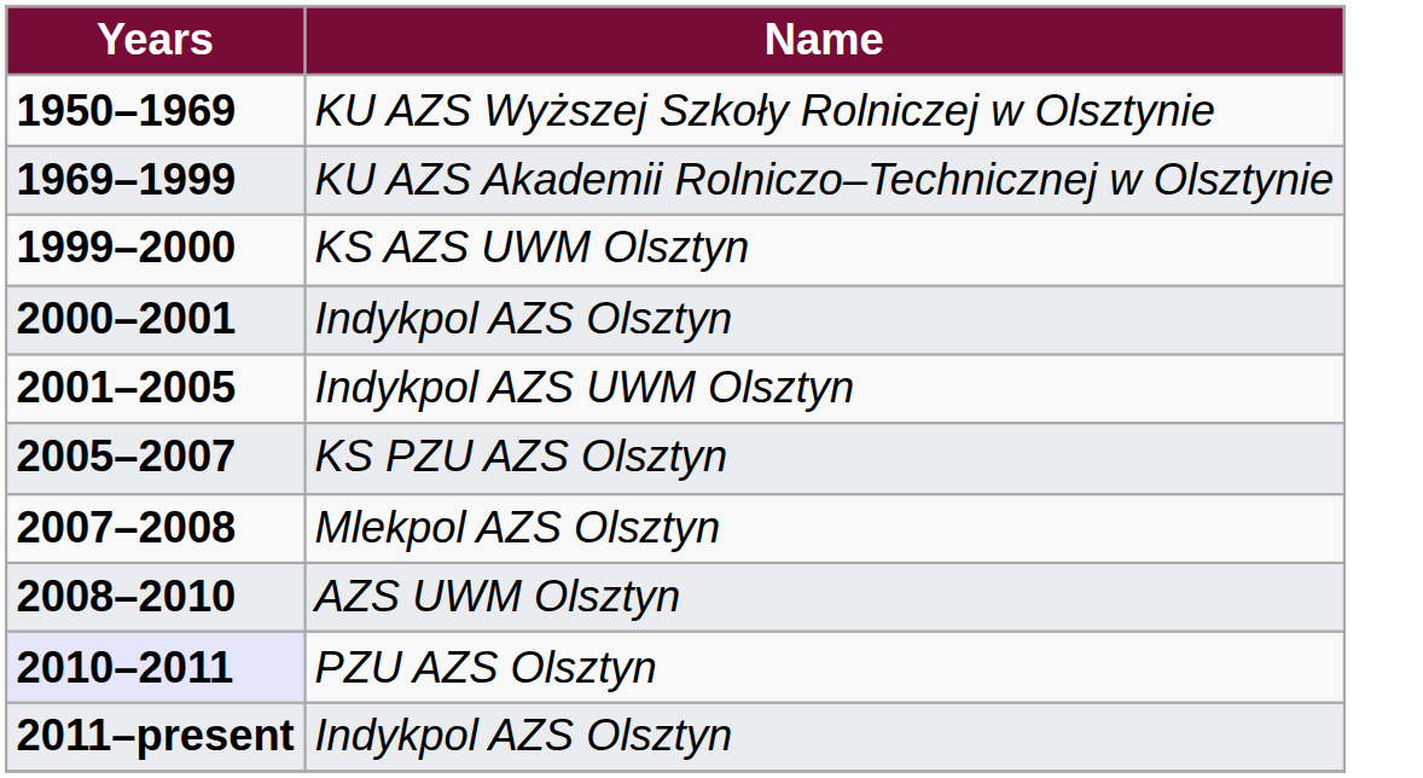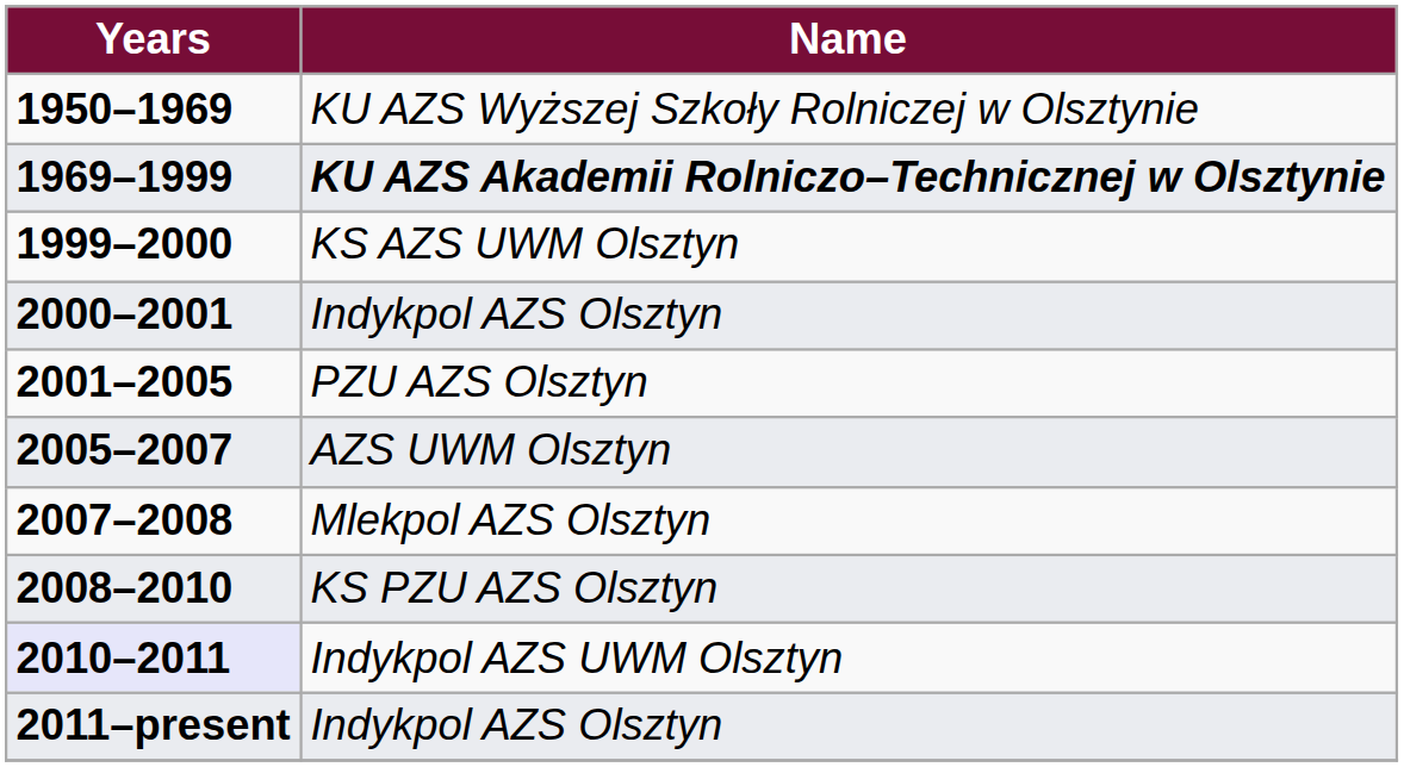 <table class="wikitable" style="font-size:100%">
 <tr>
 <th style="color:#FFFFFF; background-color:#770D37">Years</th>
 <th style="color:#FFFFFF; background-color:#770D37">Name</th>
 </tr>
 <tr>
 <td><strong>1950–1969</strong></td>
 <td><em>KU AZS Wyższej Szkoły Rolniczej w Olsztynie</em></td>
 </tr>
 <tr style="background:#EAECF0">
 <td><strong>1969–1999</strong></td>
-<td><em>KU AZS Akademii Rolniczo–Technicznej w Olsztynie</em></td>
+<td><strong><em>KU AZS Akademii Rolniczo–Technicznej w Olsztynie</em></strong></td>
 </tr>
 <tr>
 <td><strong>1999–2000</strong></td>
 <td><em>KS AZS UWM Olsztyn</em></td>
 </tr>
 <tr style="background:#EAECF0">
 <td><strong>2000–2001</strong></td>
 <td><em>Indykpol AZS Olsztyn</em></td>
 </tr>
 <tr>
 <td><strong>2001–2005</strong></td>
-<td><em>Indykpol AZS UWM Olsztyn</em></td>
+<td><em>PZU AZS Olsztyn</em></td>
 </tr>
 <tr style="background:#EAECF0">
 <td><strong>2005–2007</strong></td>
-<td><em>KS PZU AZS Olsztyn</em></td>
+<td><em>AZS UWM Olsztyn</em></td>
 </tr>
 <tr>
 <td><strong>2007–2008</strong></td>
 <td><em>Mlekpol AZS Olsztyn</em></td>
 </tr>
 <tr style="background:#EAECF0">
 <td><strong>2008–2010</strong></td>
-<td><em>AZS UWM Olsztyn</em></td>
+<td><em>KS PZU AZS Olsztyn</em></td>
 </tr>
 <tr>
 <td style="background: lavender;"><strong>2010–2011</strong></td>
-<td><em>PZU AZS Olsztyn</em></td>
+<td><em>Indykpol AZS UWM Olsztyn</em></td>
 </tr>
 <tr style="background:#EAECF0">
 <td><strong>2011–present</strong></td>
 <td><em>Indykpol AZS Olsztyn</em></td>
 </tr>
 <tr>
 </tr>
 </table>
